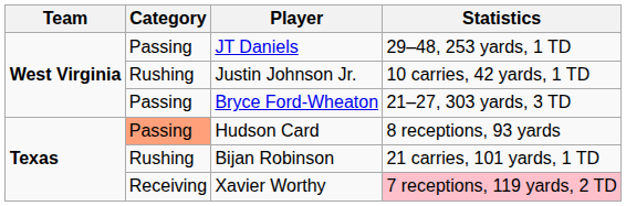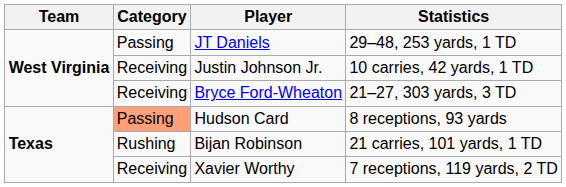 <table class="wikitable" style="float: right;">
 <tr>
 <th>Team</th>
 <th>Category</th>
 <th>Player</th>
 <th>Statistics</th>
 </tr>
 <tr>
 <td rowspan=3><strong>West Virginia</strong></td>
 <td>Passing</td>
 <td><a href='#'>JT Daniels</a></td>
 <td>29–48, 253 yards, 1 TD</td>
 </tr>
 <tr>
-<td>Rushing</td>
+<td>Receiving</td>
 <td>Justin Johnson Jr.</td>
 <td>10 carries, 42 yards, 1 TD</td>
 </tr>
 <tr>
-<td>Passing</td>
+<td>Receiving</td>
 <td><a href='#'>Bryce Ford-Wheaton</a></td>
 <td>21–27, 303 yards, 3 TD</td>
 </tr>
 <tr>
 <td rowspan=3><strong>Texas</strong></td>
 <td style="background: lightsalmon;">Passing</td>
 <td>Hudson Card</td>
 <td>8 receptions, 93 yards</td>
 </tr>
 <tr>
 <td>Rushing</td>
 <td>Bijan Robinson</td>
 <td>21 carries, 101 yards, 1 TD</td>
 </tr>
 <tr>
 <td>Receiving</td>
 <td>Xavier Worthy</td>
-<td style="background: pink;">7 receptions, 119 yards, 2 TD</td>
+<td>7 receptions, 119 yards, 2 TD</td>
 </tr>
 </table>
